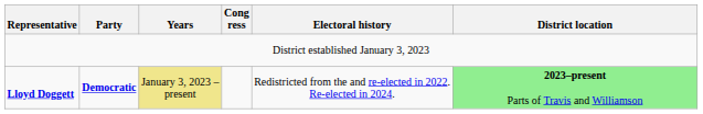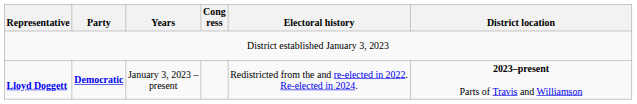 <table class=wikitable style="text-align:center">
 <tr valign=bottom>
 <th>Representative<br></th>
 <th>Party</th>
 <th>Years</th>
 <th>Cong<br>ress</th>
 <th>Electoral history</th>
 <th width=350>District location</th>
 </tr>
 <tr style="height:3em">
 <td colspan=6>District established January 3, 2023</td>
 </tr>
 <tr style="height:3em">
 <td align=left nowrap><br><strong><a href='#'>Lloyd Doggett</a></strong><br></td>
 <td><strong><a href='#'>Democratic</a></strong></td>
-<td nowrap style="background: khaki;">January 3, 2023 –<br>present</td>
+<td nowrap>January 3, 2023 –<br>present</td>
 <td></td>
 <td>Redistricted from the  and <a href='#'>re-elected in 2022</a>.<br><a href='#'>Re-elected in 2024</a>.</td>
-<td style="background: lightgreen;"><strong>2023–present</strong><br><br>Parts of <a href='#'>Travis</a> and <a href='#'>Williamson</a></td>
+<td><strong>2023–present</strong><br><br>Parts of <a href='#'>Travis</a> and <a href='#'>Williamson</a></td>
 </tr>
 </table>
